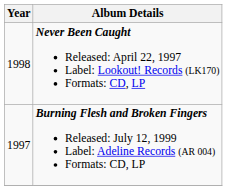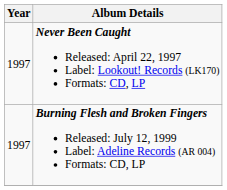 <table class="wikitable">
 <tr>
 <th rowspan="1">Year</th>
 <th rowspan="1">Album Details</th>
 </tr>
 <tr>
-<td>1998</td>
+<td>1997</td>
 <td><strong><em>Never Been Caught</em></strong><br><ul><li>Released: April 22, 1997</li><li>Label: <a href='#'>Lookout! Records</a> <small>(LK170)</small></li><li>Formats: <a href='#'>CD</a>, <a href='#'>LP</a></li></ul></td>
 </tr>
 <tr>
 <td>1997</td>
 <td><strong><em>Burning Flesh and Broken Fingers</em></strong><br><ul><li>Released: July 12, 1999</li><li>Label: <a href='#'>Adeline Records</a> <small>(AR 004)</small></li><li>Formats: CD, LP</li></ul></td>
 </tr>
 <tr>
 </tr>
 </table>
